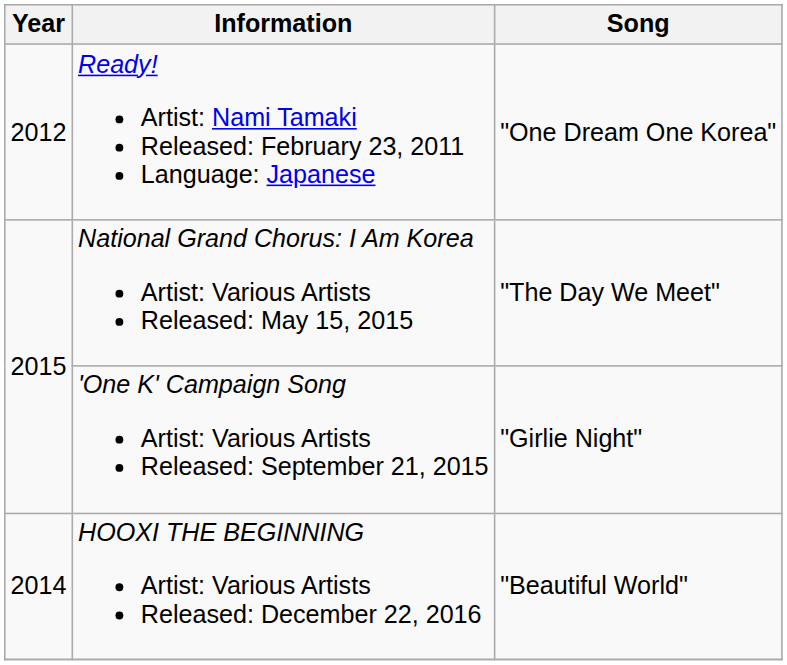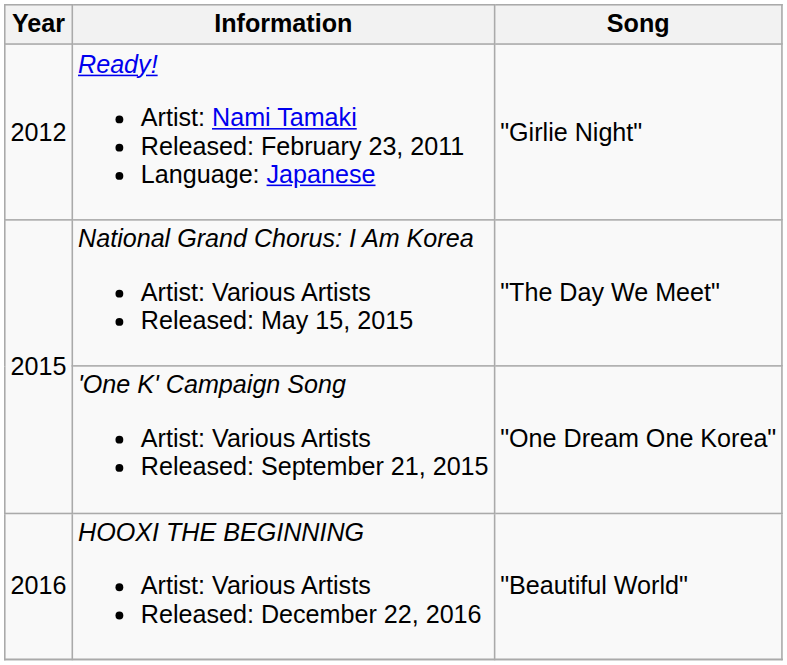 <table class="wikitable">
 <tr>
 <th>Year</th>
 <th>Information</th>
 <th>Song</th>
 </tr>
 <tr>
 <td>2012</td>
 <td><em><a href='#'>Ready!</a></em><br><ul><li>Artist: <a href='#'>Nami Tamaki</a></li><li>Released: February 23, 2011</li><li>Language: <a href='#'>Japanese</a></li></ul></td>
-<td>"One Dream One Korea"</td>
+<td>"Girlie Night"</td>
 </tr>
 <tr>
 <td rowspan="2">2015</td>
 <td><em>National Grand Chorus: I Am Korea</em><br><ul><li>Artist: Various Artists</li><li>Released: May 15, 2015</li></ul></td>
 <td>"The Day We Meet"</td>
 </tr>
 <tr>
 <td><em>'One K' Campaign Song</em><br><ul><li>Artist: Various Artists</li><li>Released: September 21, 2015</li></ul></td>
-<td>"Girlie Night"</td>
+<td>"One Dream One Korea"</td>
 </tr>
 <tr>
-<td>2014</td>
+<td>2016</td>
 <td><em>HOOXI THE BEGINNING</em><br><ul><li>Artist: Various Artists</li><li>Released: December 22, 2016</li></ul></td>
 <td>"Beautiful World"</td>
 </tr>
 <tr>
 </tr>
 </table>
